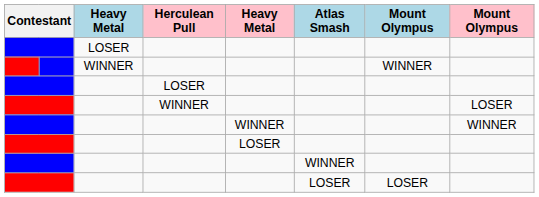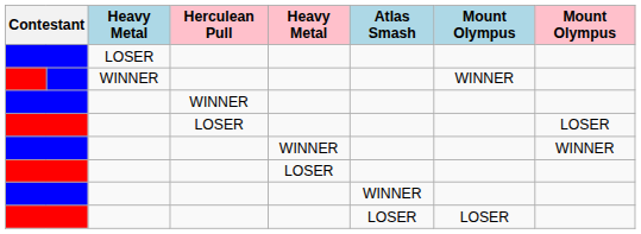 <table class="wikitable" style="text-align:center; font-size:90%; width:100%">
 <tr>
 <th colspan="2">Contestant</th>
 <th style="background:lightblue;">Heavy Metal</th>
 <th style="background:pink;">Herculean Pull</th>
 <th style="background:pink;">Heavy Metal</th>
 <th style="background:lightblue;">Atlas Smash</th>
 <th style="background:lightblue;">Mount Olympus</th>
 <th style="background:pink;">Mount Olympus</th>
 </tr>
 <tr>
 <td style="background:blue;" colspan="2"></td>
 <td>LOSER</td>
 <td></td>
 <td></td>
 <td></td>
 <td></td>
 <td></td>
 </tr>
 <tr>
 <td style="background:red;"></td>
 <td style="background:blue;"></td>
 <td>WINNER</td>
 <td></td>
 <td></td>
 <td></td>
 <td>WINNER</td>
 <td></td>
 </tr>
 <tr>
 <td style="background:blue;" colspan="2"></td>
 <td></td>
-<td>LOSER</td>
+<td>WINNER</td>
 <td></td>
 <td></td>
 <td></td>
 <td></td>
 </tr>
 <tr>
 <td style="background:red;" colspan="2"></td>
 <td></td>
-<td>WINNER</td>
+<td>LOSER</td>
 <td></td>
 <td></td>
 <td></td>
 <td>LOSER</td>
 </tr>
 <tr>
 <td style="background:blue;" colspan="2"></td>
 <td></td>
 <td></td>
 <td>WINNER</td>
 <td></td>
 <td></td>
 <td>WINNER</td>
 </tr>
 <tr>
 <td style="background:red;" colspan="2"></td>
 <td></td>
 <td></td>
 <td>LOSER</td>
 <td></td>
 <td></td>
 <td></td>
 </tr>
 <tr>
 <td style="background:blue;" colspan="2"></td>
 <td></td>
 <td></td>
 <td></td>
 <td>WINNER</td>
 <td></td>
 <td></td>
 </tr>
 <tr>
 <td style="background:red;" colspan="2"></td>
 <td></td>
 <td></td>
 <td></td>
 <td>LOSER</td>
 <td>LOSER</td>
 <td></td>
 </tr>
 </table>
